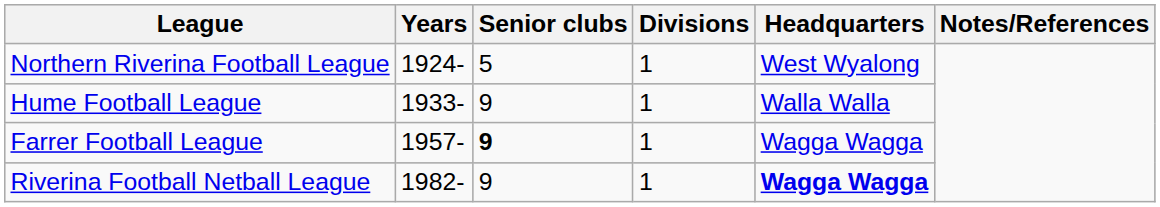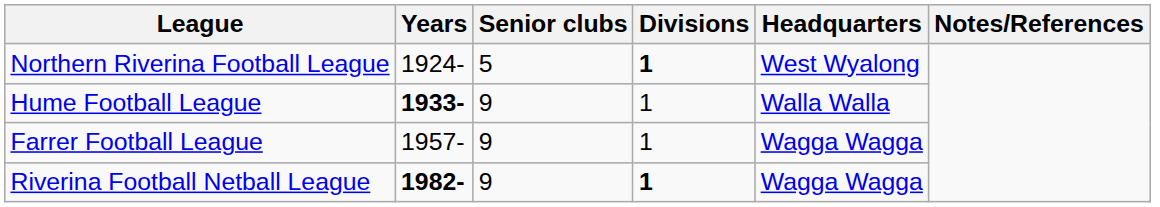 <table class="wikitable sortable" style="font-size:100%">
 <tr>
 <th>League</th>
 <th>Years</th>
 <th>Senior clubs</th>
 <th>Divisions</th>
 <th>Headquarters</th>
 <th>Notes/References</th>
 </tr>
 <tr>
 <td><a href='#'>Northern Riverina Football League</a></td>
 <td>1924-</td>
 <td>5</td>
-<td>1</td>
+<td><strong>1</strong></td>
 <td><a href='#'>West Wyalong</a></td>
 </tr>
 <tr>
 <td><a href='#'>Hume Football League</a></td>
-<td>1933-</td>
+<td><strong>1933-</strong></td>
 <td>9</td>
 <td>1</td>
 <td><a href='#'>Walla Walla</a></td>
 </tr>
 <tr>
 <td><a href='#'>Farrer Football League</a></td>
 <td>1957-</td>
-<td><strong>9</strong></td>
+<td>9</td>
 <td>1</td>
 <td><a href='#'>Wagga Wagga</a></td>
 </tr>
 <tr>
 <td><a href='#'>Riverina Football Netball League</a></td>
-<td>1982-</td>
+<td><strong>1982-</strong></td>
 <td>9</td>
-<td>1</td>
-<td><strong><a href='#'>Wagga Wagga</a></strong></td>
+<td><strong>1</strong></td>
+<td><a href='#'>Wagga Wagga</a></td>
 </tr>
 </table>
